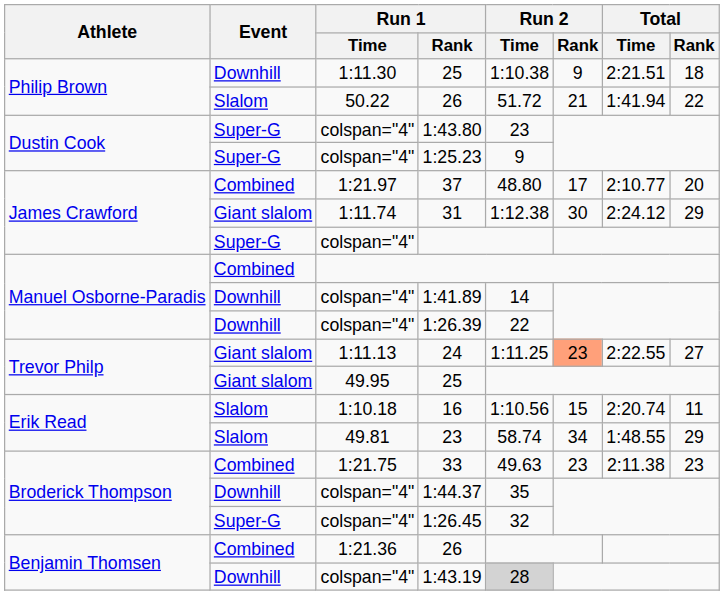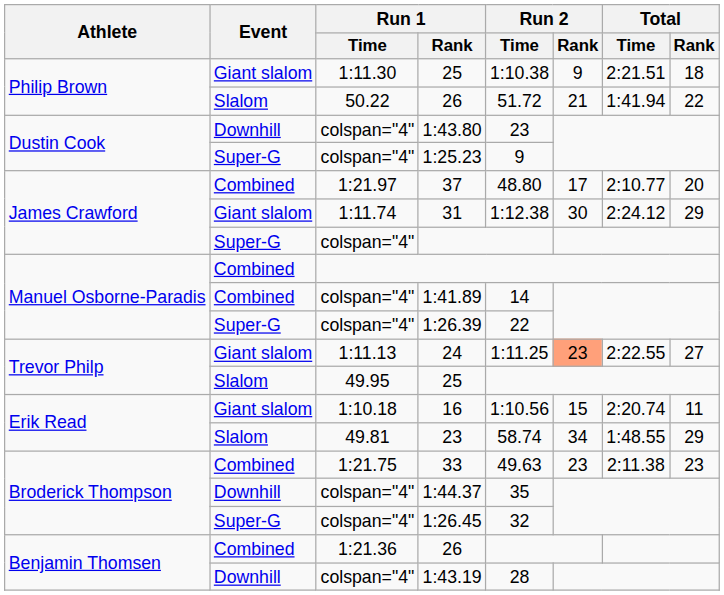 <table class="wikitable" style="font-size:90%">
 <tr>
 <th rowspan=2>Athlete</th>
 <th rowspan=2>Event</th>
 <th colspan=2>Run 1</th>
 <th colspan=2>Run 2</th>
 <th colspan=2>Total</th>
 </tr>
 <tr style="font-size:95%">
 <th>Time</th>
 <th>Rank</th>
 <th>Time</th>
 <th>Rank</th>
 <th>Time</th>
 <th>Rank</th>
 </tr>
 <tr align=center>
 <td align=left rowspan=2><a href='#'>Philip Brown</a></td>
-<td align=left><a href='#'>Downhill</a></td>
+<td align=left><a href='#'>Giant slalom</a></td>
 <td>1:11.30</td>
 <td>25</td>
 <td>1:10.38</td>
 <td>9</td>
 <td>2:21.51</td>
 <td>18</td>
 </tr>
 <tr align=center>
 <td align=left><a href='#'>Slalom</a></td>
 <td>50.22</td>
 <td>26</td>
 <td>51.72</td>
 <td>21</td>
 <td>1:41.94</td>
 <td>22</td>
 </tr>
 <tr align=center>
 <td align=left rowspan=2><a href='#'>Dustin Cook</a></td>
-<td align=left><a href='#'>Super-G</a></td>
+<td align=left><a href='#'>Downhill</a></td>
 <td>colspan="4" </td>
 <td>1:43.80</td>
 <td>23</td>
 </tr>
 <tr align=center>
 <td align=left><a href='#'>Super-G</a></td>
 <td>colspan="4" </td>
 <td>1:25.23</td>
 <td>9</td>
 </tr>
 <tr align=center>
 <td align=left rowspan=3><a href='#'>James Crawford</a></td>
 <td align=left><a href='#'>Combined</a></td>
 <td>1:21.97</td>
 <td>37</td>
 <td>48.80</td>
 <td>17</td>
 <td>2:10.77</td>
 <td>20</td>
 </tr>
 <tr align=center>
 <td align=left><a href='#'>Giant slalom</a></td>
 <td>1:11.74</td>
 <td>31</td>
 <td>1:12.38</td>
 <td>30</td>
 <td>2:24.12</td>
 <td>29</td>
 </tr>
 <tr align=center>
 <td align=left><a href='#'>Super-G</a></td>
 <td>colspan="4" </td>
 <td colspan=2></td>
 </tr>
 <tr align=center>
 <td align=left rowspan=3><a href='#'>Manuel Osborne-Paradis</a></td>
 <td align=left><a href='#'>Combined</a></td>
 <td colspan="6"></td>
 </tr>
 <tr align=center>
-<td align=left><a href='#'>Downhill</a></td>
+<td align=left><a href='#'>Combined</a></td>
 <td>colspan="4" </td>
 <td>1:41.89</td>
 <td>14</td>
 </tr>
 <tr align=center>
-<td align=left><a href='#'>Downhill</a></td>
+<td align=left><a href='#'>Super-G</a></td>
 <td>colspan="4" </td>
 <td>1:26.39</td>
 <td>22</td>
 </tr>
 <tr align=center>
 <td align=left rowspan=2><a href='#'>Trevor Philp</a></td>
 <td align=left><a href='#'>Giant slalom</a></td>
 <td>1:11.13</td>
 <td>24</td>
 <td>1:11.25</td>
 <td style="background: lightsalmon;">23</td>
 <td>2:22.55</td>
 <td>27</td>
 </tr>
 <tr align=center>
-<td align=left><a href='#'>Giant slalom</a></td>
+<td align=left><a href='#'>Slalom</a></td>
 <td>49.95</td>
 <td>25</td>
 <td colspan="4"></td>
 </tr>
 <tr align=center>
 <td align=left rowspan=2><a href='#'>Erik Read</a></td>
-<td align=left><a href='#'>Slalom</a></td>
+<td align=left><a href='#'>Giant slalom</a></td>
 <td>1:10.18</td>
 <td>16</td>
 <td>1:10.56</td>
 <td>15</td>
 <td>2:20.74</td>
 <td>11</td>
 </tr>
 <tr align=center>
 <td align=left><a href='#'>Slalom</a></td>
 <td>49.81</td>
 <td>23</td>
 <td>58.74</td>
 <td>34</td>
 <td>1:48.55</td>
 <td>29</td>
 </tr>
 <tr align=center>
 <td align=left rowspan=3><a href='#'>Broderick Thompson</a></td>
 <td align=left><a href='#'>Combined</a></td>
 <td>1:21.75</td>
 <td>33</td>
 <td>49.63</td>
 <td>23</td>
 <td>2:11.38</td>
 <td>23</td>
 </tr>
 <tr align=center>
 <td align=left><a href='#'>Downhill</a></td>
 <td>colspan="4" </td>
 <td>1:44.37</td>
 <td>35</td>
 </tr>
 <tr align=center>
 <td align=left><a href='#'>Super-G</a></td>
 <td>colspan="4" </td>
 <td>1:26.45</td>
 <td>32</td>
 </tr>
 <tr align=center>
 <td align=left rowspan=2><a href='#'>Benjamin Thomsen</a></td>
 <td align=left><a href='#'>Combined</a></td>
 <td>1:21.36</td>
 <td>26</td>
 <td colspan="2"></td>
 <td colspan="2"></td>
 </tr>
 <tr align=center>
 <td align=left><a href='#'>Downhill</a></td>
 <td>colspan="4" </td>
 <td>1:43.19</td>
-<td style="background: lightgrey;">28</td>
+<td>28</td>
 </tr>
 </table>
